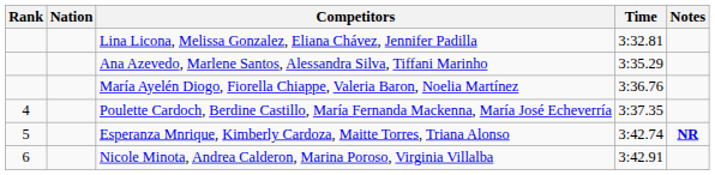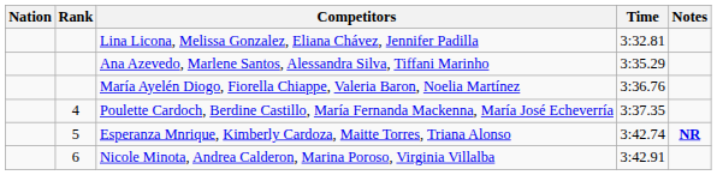 <table class="wikitable sortable" style="text-align:center">
 <tr>
+<th>Nation</th>
 <th>Rank</th>
-<th>Nation</th>
 <th>Competitors</th>
 <th>Time</th>
 <th>Notes</th>
 </tr>
 <tr>
+<td align=left></td>
 <td></td>
-<td align=left></td>
 <td align=left><a href='#'>Lina Licona</a>, <a href='#'>Melissa Gonzalez</a>, <a href='#'>Eliana Chávez</a>, <a href='#'>Jennifer Padilla</a></td>
 <td>3:32.81</td>
 <td></td>
 </tr>
 <tr>
+<td align=left></td>
 <td></td>
-<td align=left></td>
 <td align=left><a href='#'>Ana Azevedo</a>, <a href='#'>Marlene Santos</a>, <a href='#'>Alessandra Silva</a>, <a href='#'>Tiffani Marinho</a></td>
 <td>3:35.29</td>
 <td></td>
 </tr>
 <tr>
+<td align=left></td>
 <td></td>
-<td align=left></td>
 <td align=left><a href='#'>María Ayelén Diogo</a>, <a href='#'>Fiorella Chiappe</a>, <a href='#'>Valeria Baron</a>, <a href='#'>Noelia Martínez</a></td>
 <td>3:36.76</td>
 <td></td>
 </tr>
 <tr>
+<td align=left></td>
 <td>4</td>
-<td align=left></td>
 <td align=left><a href='#'>Poulette Cardoch</a>, <a href='#'>Berdine Castillo</a>, <a href='#'>María Fernanda Mackenna</a>, <a href='#'>María José Echeverría</a></td>
 <td>3:37.35</td>
 <td></td>
 </tr>
 <tr>
+<td align=left></td>
 <td>5</td>
-<td align=left></td>
 <td align=left><a href='#'>Esperanza Mnrique</a>, <a href='#'>Kimberly Cardoza</a>, <a href='#'>Maitte Torres</a>, <a href='#'>Triana Alonso</a></td>
 <td>3:42.74</td>
 <td><strong><a href='#'>NR</a></strong></td>
 </tr>
 <tr>
+<td align=left></td>
 <td>6</td>
-<td align=left></td>
 <td align=left><a href='#'>Nicole Minota</a>, <a href='#'>Andrea Calderon</a>, <a href='#'>Marina Poroso</a>, <a href='#'>Virginia Villalba</a></td>
 <td>3:42.91</td>
 <td></td>
 </tr>
 </table>
